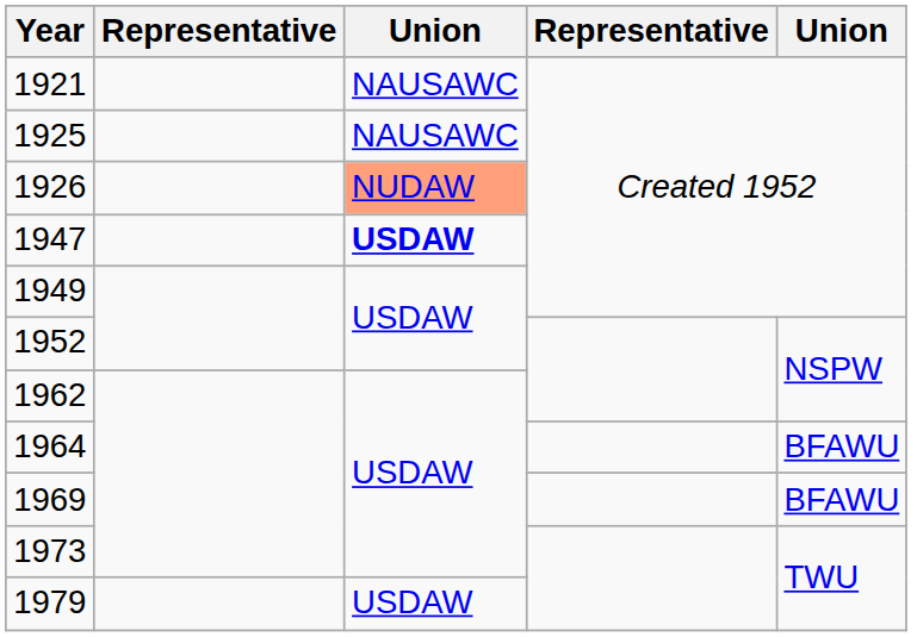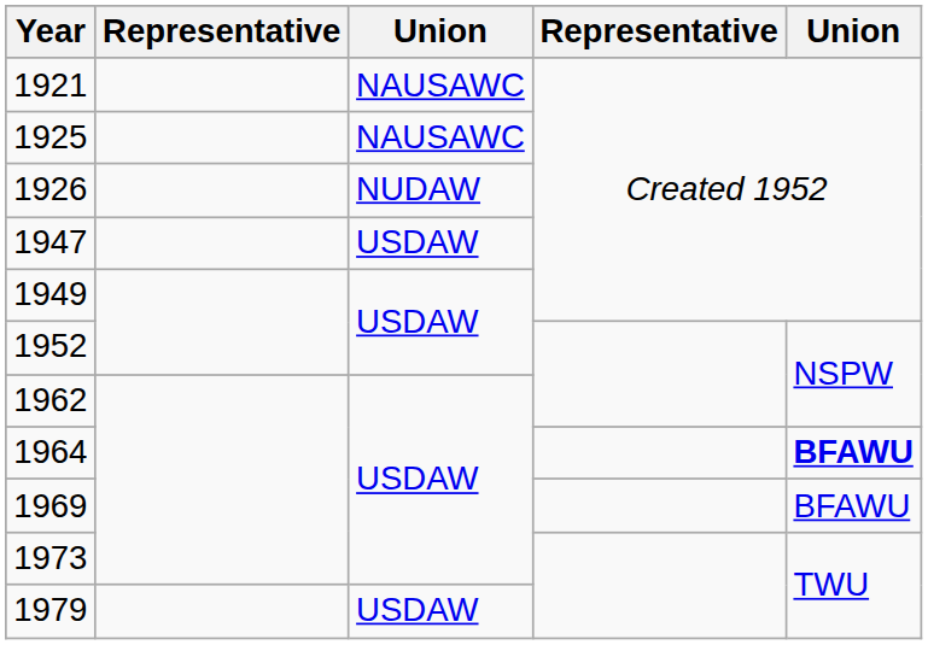 <table class="wikitable">
 <tr>
 <th>Year</th>
 <th>Representative</th>
 <th>Union</th>
 <th>Representative</th>
 <th>Union</th>
 </tr>
 <tr>
 <td>1921</td>
 <td></td>
 <td><a href='#'>NAUSAWC</a></td>
 <td rowspan=5 colspan=3 align="center"><em>Created 1952</em></td>
 </tr>
 <tr>
 <td>1925</td>
 <td></td>
 <td><a href='#'>NAUSAWC</a></td>
 </tr>
 <tr>
 <td>1926</td>
 <td></td>
-<td style="background: lightsalmon;"><a href='#'>NUDAW</a></td>
+<td><a href='#'>NUDAW</a></td>
 </tr>
 <tr>
 <td>1947</td>
 <td></td>
-<td><strong><a href='#'>USDAW</a></strong></td>
+<td><a href='#'>USDAW</a></td>
 </tr>
 <tr>
 <td>1949</td>
 <td rowspan=2></td>
 <td rowspan=2><a href='#'>USDAW</a></td>
 </tr>
 <tr>
 <td>1952</td>
 <td rowspan=2></td>
 <td rowspan=2><a href='#'>NSPW</a></td>
 </tr>
 <tr>
 <td>1962</td>
 <td rowspan=4></td>
 <td rowspan=4><a href='#'>USDAW</a></td>
 </tr>
 <tr>
 <td>1964</td>
 <td></td>
-<td><a href='#'>BFAWU</a></td>
+<td><strong><a href='#'>BFAWU</a></strong></td>
 </tr>
 <tr>
 <td>1969</td>
 <td></td>
 <td><a href='#'>BFAWU</a></td>
 </tr>
 <tr>
 <td>1973</td>
 <td rowspan=2></td>
 <td rowspan=2><a href='#'>TWU</a></td>
 </tr>
 <tr>
 <td>1979</td>
 <td></td>
 <td><a href='#'>USDAW</a></td>
 </tr>
 </table>
